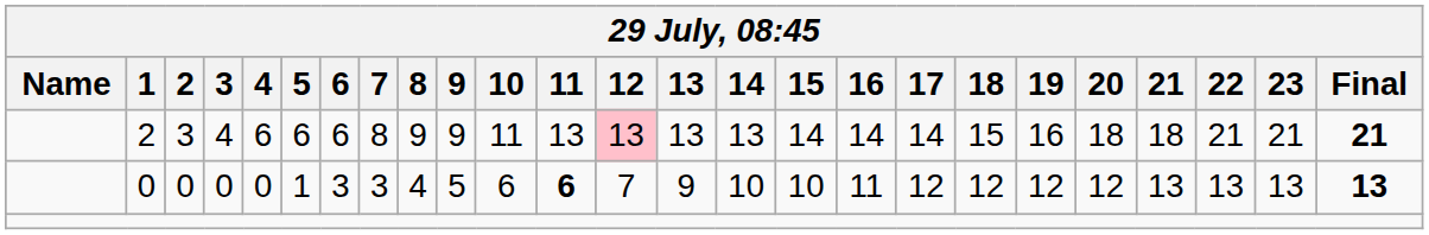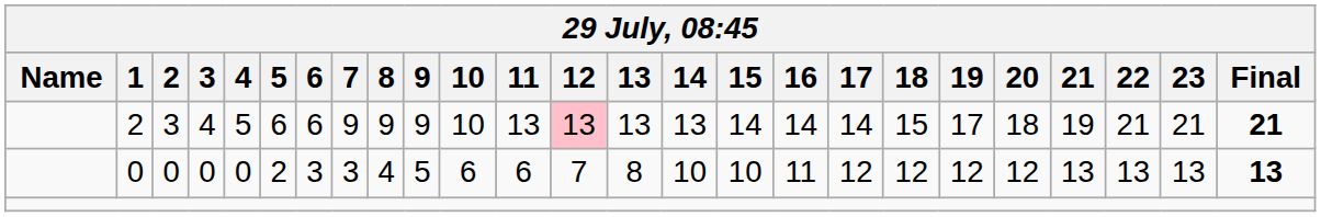 <table class=wikitable style="text-align:center; width: 55%">
 <tr>
 <th colspan=25><em>29 July, 08:45</em></th>
 </tr>
 <tr>
 <th>Name</th>
 <th>1</th>
 <th>2</th>
 <th>3</th>
 <th>4</th>
 <th>5</th>
 <th>6</th>
 <th>7</th>
 <th>8</th>
 <th>9</th>
 <th>10</th>
 <th>11</th>
 <th>12</th>
 <th>13</th>
 <th>14</th>
 <th>15</th>
 <th>16</th>
 <th>17</th>
 <th>18</th>
 <th>19</th>
 <th>20</th>
 <th>21</th>
 <th>22</th>
 <th>23</th>
 <th>Final</th>
 </tr>
 <tr>
 <td align=left><strong></strong></td>
 <td>2</td>
 <td>3</td>
 <td>4</td>
+<td>5</td>
 <td>6</td>
 <td>6</td>
-<td>6</td>
-<td>8</td>
 <td>9</td>
 <td>9</td>
-<td>11</td>
+<td>9</td>
+<td>10</td>
 <td>13</td>
 <td style="background: pink;">13</td>
 <td>13</td>
 <td>13</td>
 <td>14</td>
 <td>14</td>
 <td>14</td>
 <td>15</td>
-<td>16</td>
+<td>17</td>
 <td>18</td>
-<td>18</td>
+<td>19</td>
 <td>21</td>
 <td>21</td>
 <td><strong>21</strong></td>
 </tr>
 <tr>
 <td align=left></td>
 <td>0</td>
 <td>0</td>
 <td>0</td>
 <td>0</td>
-<td>1</td>
+<td>2</td>
 <td>3</td>
 <td>3</td>
 <td>4</td>
 <td>5</td>
 <td>6</td>
-<td><strong>6</strong></td>
+<td>6</td>
 <td>7</td>
-<td>9</td>
+<td>8</td>
 <td>10</td>
 <td>10</td>
 <td>11</td>
 <td>12</td>
 <td>12</td>
 <td>12</td>
 <td>12</td>
 <td>13</td>
 <td>13</td>
 <td>13</td>
 <td><strong>13</strong></td>
 </tr>
 <tr>
 <td colspan=25></td>
 </tr>
 </table>
